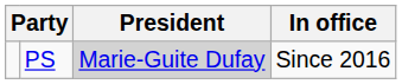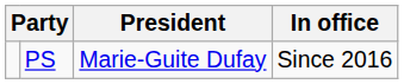 <table class="wikitable">
 <tr>
 <th colspan="2">Party</th>
 <th>President</th>
 <th>In office</th>
 </tr>
 <tr>
 <td></td>
 <td><a href='#'>PS</a></td>
-<td style="background: lightgrey;"><a href='#'>Marie-Guite Dufay</a></td>
+<td><a href='#'>Marie-Guite Dufay</a></td>
 <td>Since 2016</td>
 </tr>
 </table>
